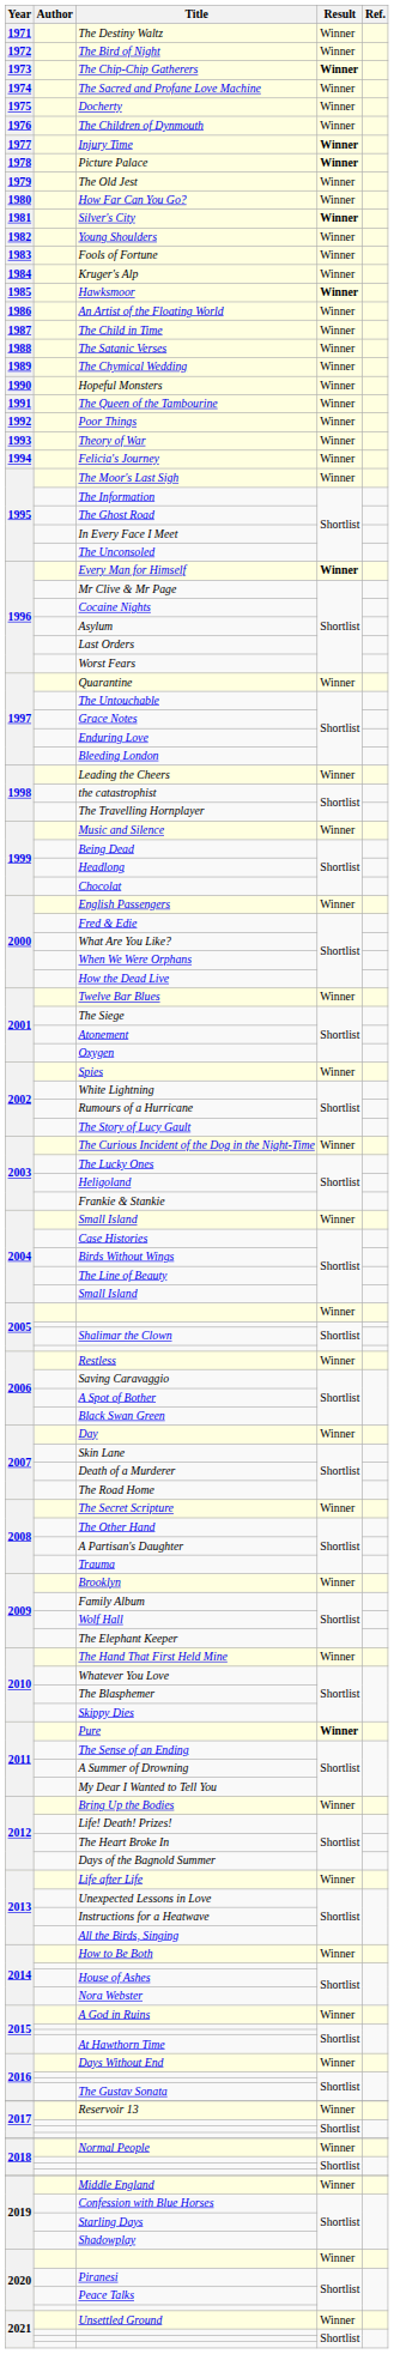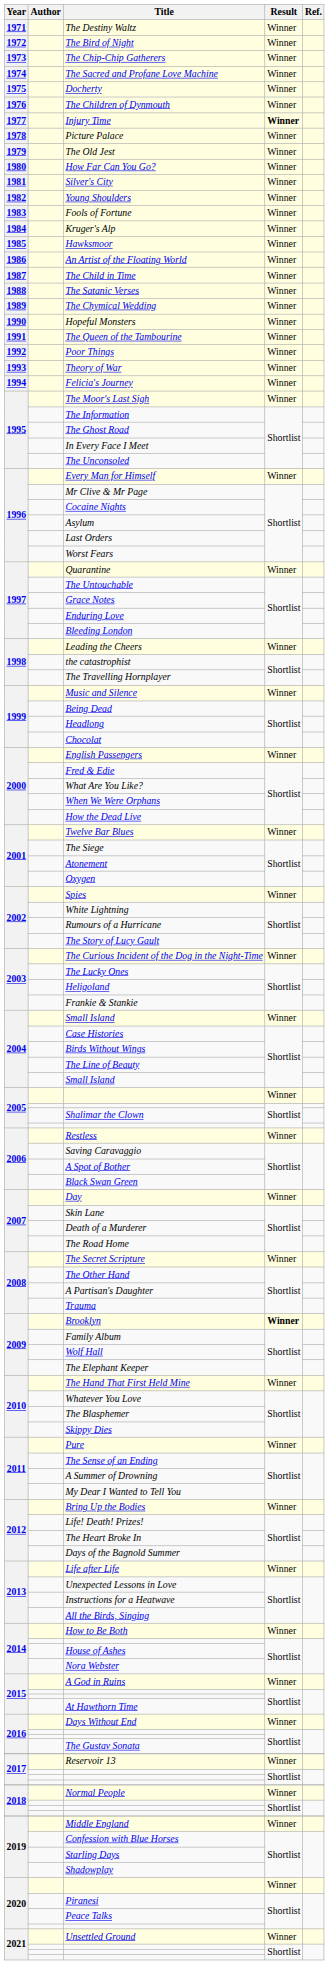 <table class="wikitable sortable">
 <tr>
 <th>Year</th>
 <th>Author</th>
 <th>Title</th>
 <th>Result</th>
 <th>Ref.</th>
 </tr>
 <tr style="background:lightyellow;">
 <th><a href='#'>1971</a></th>
 <td></td>
 <td><em>The Destiny Waltz</em></td>
 <td>Winner</td>
 <td></td>
 </tr>
 <tr style="background:lightyellow;">
 <th><a href='#'>1972</a></th>
 <td></td>
 <td><em><a href='#'>The Bird of Night</a></em></td>
 <td>Winner</td>
 <td></td>
 </tr>
 <tr style="background:lightyellow;">
 <th><a href='#'>1973</a></th>
 <td></td>
 <td><em><a href='#'>The Chip-Chip Gatherers</a></em></td>
-<td><strong>Winner</strong></td>
+<td>Winner</td>
 <td></td>
 </tr>
 <tr style="background:lightyellow;">
 <th><a href='#'>1974</a></th>
 <td></td>
 <td><em><a href='#'>The Sacred and Profane Love Machine</a></em></td>
 <td>Winner</td>
 <td></td>
 </tr>
 <tr style="background:lightyellow;">
 <th><a href='#'>1975</a></th>
 <td></td>
 <td><em><a href='#'>Docherty</a></em></td>
 <td>Winner</td>
 <td></td>
 </tr>
 <tr style="background:lightyellow;">
 <th><a href='#'>1976</a></th>
 <td></td>
 <td><em><a href='#'>The Children of Dynmouth</a></em></td>
 <td>Winner</td>
 <td></td>
 </tr>
 <tr style="background:lightyellow;">
 <th><a href='#'>1977</a></th>
 <td></td>
 <td><em><a href='#'>Injury Time</a></em></td>
 <td><strong>Winner</strong></td>
 <td></td>
 </tr>
 <tr style="background:lightyellow;">
 <th><a href='#'>1978</a></th>
 <td></td>
 <td><em>Picture Palace</em></td>
-<td><strong>Winner</strong></td>
+<td>Winner</td>
 <td></td>
 </tr>
 <tr style="background:lightyellow;">
 <th><a href='#'>1979</a></th>
 <td></td>
 <td><em>The Old Jest</em></td>
 <td>Winner</td>
 <td></td>
 </tr>
 <tr style="background:lightyellow;">
 <th><a href='#'>1980</a></th>
 <td></td>
 <td><em><a href='#'>How Far Can You Go?</a> </em></td>
 <td>Winner</td>
 <td></td>
 </tr>
 <tr style="background:lightyellow;">
 <th><a href='#'>1981</a></th>
 <td></td>
 <td><em><a href='#'>Silver's City</a></em></td>
-<td><strong>Winner</strong></td>
+<td>Winner</td>
 <td></td>
 </tr>
 <tr style="background:lightyellow;">
 <th><a href='#'>1982</a></th>
 <td></td>
 <td><em><a href='#'>Young Shoulders</a></em></td>
 <td>Winner</td>
 <td></td>
 </tr>
 <tr style="background:lightyellow;">
 <th><a href='#'>1983</a></th>
 <td></td>
 <td><em>Fools of Fortune</em></td>
 <td>Winner</td>
 <td></td>
 </tr>
 <tr style="background:lightyellow;">
 <th><a href='#'>1984</a></th>
 <td></td>
 <td><em>Kruger's Alp</em></td>
 <td>Winner</td>
 <td></td>
 </tr>
 <tr style="background:lightyellow;">
 <th><a href='#'>1985</a></th>
 <td></td>
 <td><em><a href='#'>Hawksmoor</a></em></td>
-<td><strong>Winner</strong></td>
+<td>Winner</td>
 <td></td>
 </tr>
 <tr style="background:lightyellow;">
 <th><a href='#'>1986</a></th>
 <td></td>
 <td><em><a href='#'>An Artist of the Floating World</a> </em></td>
 <td>Winner</td>
 <td></td>
 </tr>
 <tr style="background:lightyellow;">
 <th><a href='#'>1987</a></th>
 <td></td>
 <td><em><a href='#'>The Child in Time</a></em></td>
 <td>Winner</td>
 <td></td>
 </tr>
 <tr style="background:lightyellow;">
 <th><a href='#'>1988</a></th>
 <td></td>
 <td><em><a href='#'>The Satanic Verses</a></em></td>
 <td>Winner</td>
 <td></td>
 </tr>
 <tr style="background:lightyellow;">
 <th><a href='#'>1989</a></th>
 <td></td>
 <td><em><a href='#'>The Chymical Wedding</a></em></td>
 <td>Winner</td>
 <td></td>
 </tr>
 <tr style="background:lightyellow;">
 <th><a href='#'>1990</a></th>
 <td></td>
 <td><em>Hopeful Monsters</em></td>
 <td>Winner</td>
 <td></td>
 </tr>
 <tr style="background:lightyellow;">
 <th><a href='#'>1991</a></th>
 <td></td>
 <td><em><a href='#'>The Queen of the Tambourine</a></em></td>
 <td>Winner</td>
 <td></td>
 </tr>
 <tr style="background:lightyellow;">
 <th><a href='#'>1992</a></th>
 <td></td>
 <td><em><a href='#'>Poor Things</a></em></td>
 <td>Winner</td>
 <td></td>
 </tr>
 <tr style="background:lightyellow;">
 <th><a href='#'>1993</a></th>
 <td></td>
 <td><em><a href='#'>Theory of War</a> </em></td>
 <td>Winner</td>
 <td></td>
 </tr>
 <tr style="background:lightyellow;">
 <th><a href='#'>1994</a></th>
 <td></td>
 <td><em><a href='#'>Felicia's Journey</a> </em></td>
 <td>Winner</td>
 <td></td>
 </tr>
 <tr style="background:lightyellow;">
 <th rowspan="5"><a href='#'>1995</a></th>
 <td></td>
 <td><em><a href='#'>The Moor's Last Sigh</a></em></td>
 <td>Winner</td>
 <td></td>
 </tr>
 <tr>
 <td></td>
 <td><em><a href='#'>The Information</a></em></td>
 <td rowspan="4">Shortlist</td>
 <td></td>
 </tr>
 <tr>
 <td></td>
 <td><em><a href='#'>The Ghost Road</a></em></td>
 <td></td>
 </tr>
 <tr>
 <td></td>
 <td><em>In Every Face I Meet</em></td>
 <td></td>
 </tr>
 <tr>
 <td></td>
 <td><em><a href='#'>The Unconsoled</a></em></td>
 <td></td>
 </tr>
 <tr style="background:lightyellow;">
 <th rowspan="6"><a href='#'>1996</a></th>
 <td></td>
 <td><em><a href='#'>Every Man for Himself</a></em></td>
-<td><strong>Winner</strong></td>
+<td>Winner</td>
 <td></td>
 </tr>
 <tr>
 <td></td>
 <td><em>Mr Clive & Mr Page</em></td>
 <td rowspan="5">Shortlist</td>
 <td></td>
 </tr>
 <tr>
 <td></td>
 <td><em><a href='#'>Cocaine Nights</a></em></td>
 <td></td>
 </tr>
 <tr>
 <td></td>
 <td><em>Asylum</em></td>
 <td></td>
 </tr>
 <tr>
 <td></td>
 <td><em>Last Orders</em></td>
 <td></td>
 </tr>
 <tr>
 <td></td>
 <td><em>Worst Fears</em></td>
 <td></td>
 </tr>
 <tr style="background:lightyellow;">
 <th rowspan="5"><a href='#'>1997</a></th>
 <td></td>
 <td><em>Quarantine</em></td>
 <td>Winner</td>
 <td></td>
 </tr>
 <tr>
 <td></td>
 <td><em><a href='#'>The Untouchable</a></em></td>
 <td rowspan="4">Shortlist</td>
 <td></td>
 </tr>
 <tr>
 <td></td>
 <td><em><a href='#'>Grace Notes</a></em></td>
 <td></td>
 </tr>
 <tr>
 <td></td>
 <td><em><a href='#'>Enduring Love</a></em></td>
 <td></td>
 </tr>
 <tr>
 <td></td>
 <td><em><a href='#'>Bleeding London</a></em></td>
 <td></td>
 </tr>
 <tr style="background:lightyellow;">
 <th rowspan="3"><a href='#'>1998</a></th>
 <td></td>
 <td><em>Leading the Cheers</em></td>
 <td>Winner</td>
 <td></td>
 </tr>
 <tr>
 <td></td>
 <td><em>the catastrophist</em></td>
 <td rowspan="2">Shortlist</td>
 <td></td>
 </tr>
 <tr>
 <td></td>
 <td><em>The Travelling Hornplayer</em></td>
 <td></td>
 </tr>
 <tr style="background:lightyellow;">
 <th rowspan="4"><a href='#'>1999</a></th>
 <td></td>
 <td><em><a href='#'>Music and Silence</a></em></td>
 <td>Winner</td>
 <td></td>
 </tr>
 <tr>
 <td></td>
 <td><em><a href='#'>Being Dead</a></em></td>
 <td rowspan="3">Shortlist</td>
 <td></td>
 </tr>
 <tr>
 <td></td>
 <td><em><a href='#'>Headlong</a></em></td>
 <td></td>
 </tr>
 <tr>
 <td></td>
 <td><em><a href='#'>Chocolat</a></em></td>
 <td></td>
 </tr>
 <tr style="background:lightyellow;">
 <th rowspan="5"><a href='#'>2000</a></th>
 <td></td>
 <td><em><a href='#'>English Passengers</a> </em></td>
 <td>Winner</td>
 <td></td>
 </tr>
 <tr>
 <td></td>
 <td><em><a href='#'>Fred & Edie</a></em></td>
 <td rowspan="4">Shortlist</td>
 <td></td>
 </tr>
 <tr>
 <td></td>
 <td><em>What Are You Like?</em></td>
 <td></td>
 </tr>
 <tr>
 <td></td>
 <td><em><a href='#'>When We Were Orphans</a></em></td>
 <td></td>
 </tr>
 <tr>
 <td></td>
 <td><em><a href='#'>How the Dead Live</a></em></td>
 <td></td>
 </tr>
 <tr style="background:lightyellow;">
 <th rowspan="4"><a href='#'>2001</a></th>
 <td></td>
 <td><em><a href='#'>Twelve Bar Blues</a></em></td>
 <td>Winner</td>
 <td></td>
 </tr>
 <tr>
 <td></td>
 <td><em>The Siege</em></td>
 <td rowspan="3">Shortlist</td>
 <td></td>
 </tr>
 <tr>
 <td></td>
 <td><em><a href='#'>Atonement</a></em></td>
 <td></td>
 </tr>
 <tr>
 <td></td>
 <td><em><a href='#'>Oxygen</a></em></td>
 <td></td>
 </tr>
 <tr style="background:lightyellow;">
 <th rowspan="4"><a href='#'>2002</a></th>
 <td></td>
 <td><em><a href='#'>Spies</a></em></td>
 <td>Winner</td>
 <td></td>
 </tr>
 <tr>
 <td></td>
 <td><em>White Lightning</em></td>
 <td rowspan="3">Shortlist</td>
 <td></td>
 </tr>
 <tr>
 <td></td>
 <td><em>Rumours of a Hurricane</em></td>
 <td></td>
 </tr>
 <tr>
 <td></td>
 <td><em><a href='#'>The Story of Lucy Gault</a></em></td>
 <td></td>
 </tr>
 <tr style="background:lightyellow;">
 <th rowspan="4"><a href='#'>2003</a></th>
 <td></td>
 <td><em><a href='#'>The Curious Incident of the Dog in the Night-Time</a> </em></td>
 <td>Winner</td>
 <td></td>
 </tr>
 <tr>
 <td></td>
 <td><em><a href='#'>The Lucky Ones</a></em></td>
 <td rowspan="3">Shortlist</td>
 <td></td>
 </tr>
 <tr>
 <td></td>
 <td><em><a href='#'>Heligoland</a></em></td>
 <td></td>
 </tr>
 <tr>
 <td></td>
 <td><em>Frankie & Stankie</em></td>
 <td></td>
 </tr>
 <tr style="background:lightyellow;">
 <th rowspan="5"><a href='#'>2004</a></th>
 <td></td>
 <td><a href='#'><em>Small Island</em></a> <em></em></td>
 <td>Winner</td>
 <td></td>
 </tr>
 <tr>
 <td></td>
 <td><em><a href='#'>Case Histories</a></em></td>
 <td rowspan="4">Shortlist</td>
 <td></td>
 </tr>
 <tr>
 <td></td>
 <td><em><a href='#'>Birds Without Wings</a></em></td>
 <td></td>
 </tr>
 <tr>
 <td></td>
 <td><em><a href='#'>The Line of Beauty</a></em></td>
 <td></td>
 </tr>
 <tr>
 <td></td>
 <td><em><a href='#'>Small Island</a></em></td>
 <td></td>
 </tr>
 <tr style="background:lightyellow;">
 <th rowspan="4"><a href='#'>2005</a></th>
 <td></td>
 <td></td>
 <td>Winner</td>
 <td></td>
 </tr>
 <tr>
 <td></td>
 <td></td>
 <td rowspan="3">Shortlist</td>
 <td></td>
 </tr>
 <tr>
 <td></td>
 <td><em><a href='#'>Shalimar the Clown</a></em></td>
 <td></td>
 </tr>
 <tr>
 <td></td>
 <td></td>
 <td></td>
 </tr>
 <tr style="background:lightyellow;">
 <th rowspan="4"><a href='#'>2006</a></th>
 <td></td>
 <td><em><a href='#'>Restless</a></em></td>
 <td>Winner</td>
 <td></td>
 </tr>
 <tr>
 <td></td>
 <td><em>Saving Caravaggio</em></td>
 <td rowspan="3">Shortlist</td>
 <td rowspan="3"></td>
 </tr>
 <tr>
 <td></td>
 <td><em><a href='#'>A Spot of Bother</a></em></td>
 </tr>
 <tr>
 <td></td>
 <td><em><a href='#'>Black Swan Green</a></em></td>
 </tr>
 <tr style="background:lightyellow;">
 <th rowspan="4"><a href='#'>2007</a></th>
 <td></td>
 <td><em><a href='#'>Day</a> </em></td>
 <td>Winner</td>
 <td></td>
 </tr>
 <tr>
 <td></td>
 <td><em>Skin Lane</em></td>
 <td rowspan="3">Shortlist</td>
 <td></td>
 </tr>
 <tr>
 <td></td>
 <td><em>Death of a Murderer</em></td>
 <td></td>
 </tr>
 <tr>
 <td></td>
 <td><em>The Road Home</em></td>
 <td></td>
 </tr>
 <tr style="background:lightyellow;">
 <th rowspan="4"><a href='#'>2008</a></th>
 <td></td>
 <td><em><a href='#'>The Secret Scripture</a> </em></td>
 <td>Winner</td>
 <td></td>
 </tr>
 <tr>
 <td></td>
 <td><em><a href='#'>The Other Hand</a></em></td>
 <td rowspan="3">Shortlist</td>
 <td></td>
 </tr>
 <tr>
 <td></td>
 <td><em>A Partisan's Daughter</em></td>
 <td></td>
 </tr>
 <tr>
 <td></td>
 <td><em><a href='#'>Trauma</a></em></td>
 <td></td>
 </tr>
 <tr style="background:lightyellow;">
 <th rowspan="4"><a href='#'>2009</a></th>
 <td></td>
 <td><em><a href='#'>Brooklyn</a></em></td>
-<td>Winner</td>
+<td><strong>Winner</strong></td>
 <td></td>
 </tr>
 <tr>
 <td></td>
 <td><em>Family Album</em></td>
 <td rowspan="3">Shortlist</td>
 <td></td>
 </tr>
 <tr>
 <td></td>
 <td><em><a href='#'>Wolf Hall</a></em></td>
 <td></td>
 </tr>
 <tr>
 <td></td>
 <td><em>The Elephant Keeper</em></td>
 <td></td>
 </tr>
 <tr style="background:lightyellow;">
 <th rowspan="4"><a href='#'>2010</a></th>
 <td></td>
 <td><em><a href='#'>The Hand That First Held Mine</a></em></td>
 <td>Winner</td>
 <td></td>
 </tr>
 <tr>
 <td></td>
 <td><em>Whatever You Love</em></td>
 <td rowspan="3">Shortlist</td>
 <td rowspan="3"></td>
 </tr>
 <tr>
 <td></td>
 <td><em>The Blasphemer</em></td>
 </tr>
 <tr>
 <td></td>
 <td><em><a href='#'>Skippy Dies</a></em></td>
 </tr>
 <tr style="background:lightyellow;">
 <th rowspan="4"><a href='#'>2011</a></th>
 <td></td>
 <td><em><a href='#'>Pure</a> </em></td>
-<td><strong>Winner</strong></td>
+<td>Winner</td>
 <td></td>
 </tr>
 <tr>
 <td></td>
 <td><em><a href='#'>The Sense of an Ending</a></em></td>
 <td rowspan="3">Shortlist</td>
 <td rowspan="3"></td>
 </tr>
 <tr>
 <td></td>
 <td><em>A Summer of Drowning</em></td>
 </tr>
 <tr>
 <td></td>
 <td><em>My Dear I Wanted to Tell You</em></td>
 </tr>
 <tr style="background:lightyellow;">
 <th rowspan="4"><a href='#'>2012</a></th>
 <td></td>
 <td><em><a href='#'>Bring Up the Bodies</a> </em></td>
 <td>Winner</td>
 <td></td>
 </tr>
 <tr>
 <td></td>
 <td><em>Life! Death! Prizes!</em></td>
 <td rowspan="3">Shortlist</td>
 <td></td>
 </tr>
 <tr>
 <td></td>
 <td><em>The Heart Broke In</em></td>
 <td></td>
 </tr>
 <tr>
 <td></td>
 <td><em>Days of the Bagnold Summer</em></td>
 <td></td>
 </tr>
 <tr style="background:lightyellow;">
 <th rowspan="4"><a href='#'>2013</a></th>
 <td></td>
 <td><em><a href='#'>Life after Life</a></em></td>
 <td>Winner</td>
 <td></td>
 </tr>
 <tr>
 <td></td>
 <td><em>Unexpected Lessons in Love</em></td>
 <td rowspan="3">Shortlist</td>
 <td rowspan="3"></td>
 </tr>
 <tr>
 <td></td>
 <td><em>Instructions for a Heatwave</em></td>
 </tr>
 <tr>
 <td></td>
 <td><em><a href='#'>All the Birds, Singing</a></em></td>
 </tr>
 <tr style="background:lightyellow;">
 <th rowspan="4"><a href='#'>2014</a></th>
 <td></td>
 <td><em><a href='#'>How to Be Both</a></em></td>
 <td>Winner</td>
 <td></td>
 </tr>
 <tr>
 <td></td>
 <td></td>
 <td rowspan="3">Shortlist</td>
 <td rowspan="3"></td>
 </tr>
 <tr>
 <td></td>
 <td><em><a href='#'>House of Ashes</a></em></td>
 </tr>
 <tr>
 <td></td>
 <td><em><a href='#'>Nora Webster</a></em></td>
 </tr>
 <tr style="background:lightyellow;">
 <th rowspan="4"><a href='#'>2015</a></th>
 <td></td>
 <td><em><a href='#'>A God in Ruins</a></em></td>
 <td>Winner</td>
 <td></td>
 </tr>
 <tr>
 <td></td>
 <td></td>
 <td rowspan="3">Shortlist</td>
 <td rowspan="3"></td>
 </tr>
 <tr>
 <td></td>
 <td></td>
 </tr>
 <tr>
 <td></td>
 <td><em><a href='#'>At Hawthorn Time</a></em></td>
 </tr>
 <tr style="background:lightyellow;">
 <th rowspan="4"><a href='#'>2016</a></th>
 <td></td>
 <td><em><a href='#'>Days Without End</a> </em></td>
 <td>Winner</td>
 <td></td>
 </tr>
 <tr>
 <td></td>
 <td></td>
 <td rowspan="3">Shortlist</td>
 <td rowspan="3"></td>
 </tr>
 <tr>
 <td></td>
 <td></td>
 </tr>
 <tr>
 <td></td>
 <td><em><a href='#'>The Gustav Sonata</a></em></td>
 </tr>
 <tr>
 </tr>
 <tr style="background:lightyellow;">
 <th rowspan="4"><a href='#'>2017</a></th>
 <td></td>
 <td><em>Reservoir 13</em></td>
 <td>Winner</td>
 <td></td>
 </tr>
 <tr>
 <td></td>
 <td></td>
 <td rowspan="3">Shortlist</td>
 <td rowspan="3"></td>
 </tr>
 <tr>
 <td></td>
 <td></td>
 </tr>
 <tr>
 <td></td>
 <td></td>
 </tr>
 <tr>
 </tr>
 <tr style="background:lightyellow;">
 <th rowspan="4"><a href='#'>2018</a></th>
 <td></td>
 <td><em><a href='#'>Normal People</a></em></td>
 <td>Winner</td>
 <td></td>
 </tr>
 <tr>
 <td></td>
 <td></td>
 <td rowspan="3">Shortlist</td>
 <td rowspan="3"></td>
 </tr>
 <tr>
 <td></td>
 <td></td>
 </tr>
 <tr>
 <td></td>
 <td></td>
 </tr>
 <tr>
 </tr>
 <tr style="background:lightyellow;">
 <th rowspan="4">2019</th>
 <td></td>
 <td><em><a href='#'>Middle England</a></em></td>
 <td>Winner</td>
 <td></td>
 </tr>
 <tr>
 <td></td>
 <td><em><a href='#'>Confession with Blue Horses</a></em></td>
 <td rowspan="3">Shortlist</td>
 <td rowspan="3"></td>
 </tr>
 <tr>
 <td></td>
 <td><em><a href='#'>Starling Days</a></em></td>
 </tr>
 <tr>
 <td></td>
 <td><em><a href='#'>Shadowplay</a></em></td>
 </tr>
 <tr style="background:lightyellow;">
 <th rowspan="4">2020</th>
 <td></td>
 <td> <em></em></td>
 <td>Winner</td>
 <td></td>
 </tr>
 <tr>
 <td></td>
 <td><em><a href='#'>Piranesi</a></em></td>
 <td rowspan="3">Shortlist</td>
 <td rowspan="3"></td>
 </tr>
 <tr>
 <td></td>
 <td><em><a href='#'>Peace Talks</a></em></td>
 </tr>
 <tr>
 <td></td>
 <td></td>
 </tr>
 <tr style="background:lightyellow;">
 <th rowspan="4">2021</th>
 <td></td>
 <td><em><a href='#'>Unsettled Ground</a></em></td>
 <td>Winner</td>
 <td></td>
 </tr>
 <tr>
 <td></td>
 <td></td>
 <td rowspan="3">Shortlist</td>
 <td rowspan="3"></td>
 </tr>
 <tr>
 <td></td>
 <td></td>
 </tr>
 <tr>
 <td></td>
 <td></td>
 </tr>
 </table>
